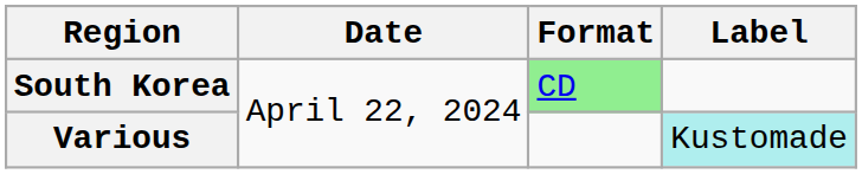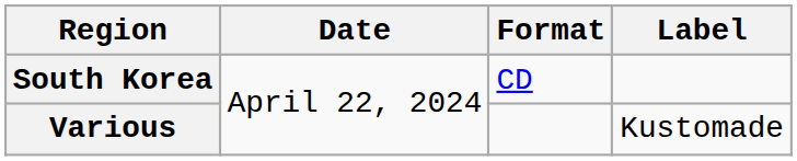 <table class="wikitable plainrowheaders">
 <tr>
 <th scope="col">Region</th>
 <th scope="col">Date</th>
 <th scope="col">Format</th>
 <th scope="col">Label</th>
 </tr>
 <tr>
 <th scope="row">South Korea</th>
 <td rowspan="2">April 22, 2024</td>
-<td style="background: lightgreen;"><a href='#'>CD</a></td>
+<td><a href='#'>CD</a></td>
 <td></td>
 </tr>
 <tr>
 <th scope="row">Various</th>
 <td></td>
-<td style="background: paleturquoise;">Kustomade</td>
+<td>Kustomade</td>
 </tr>
 </table>
